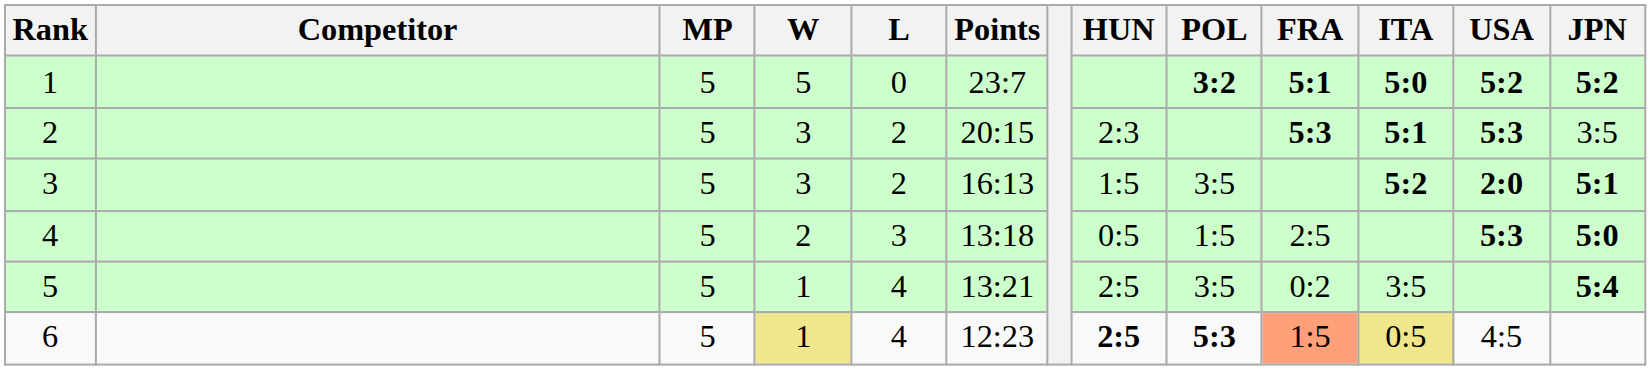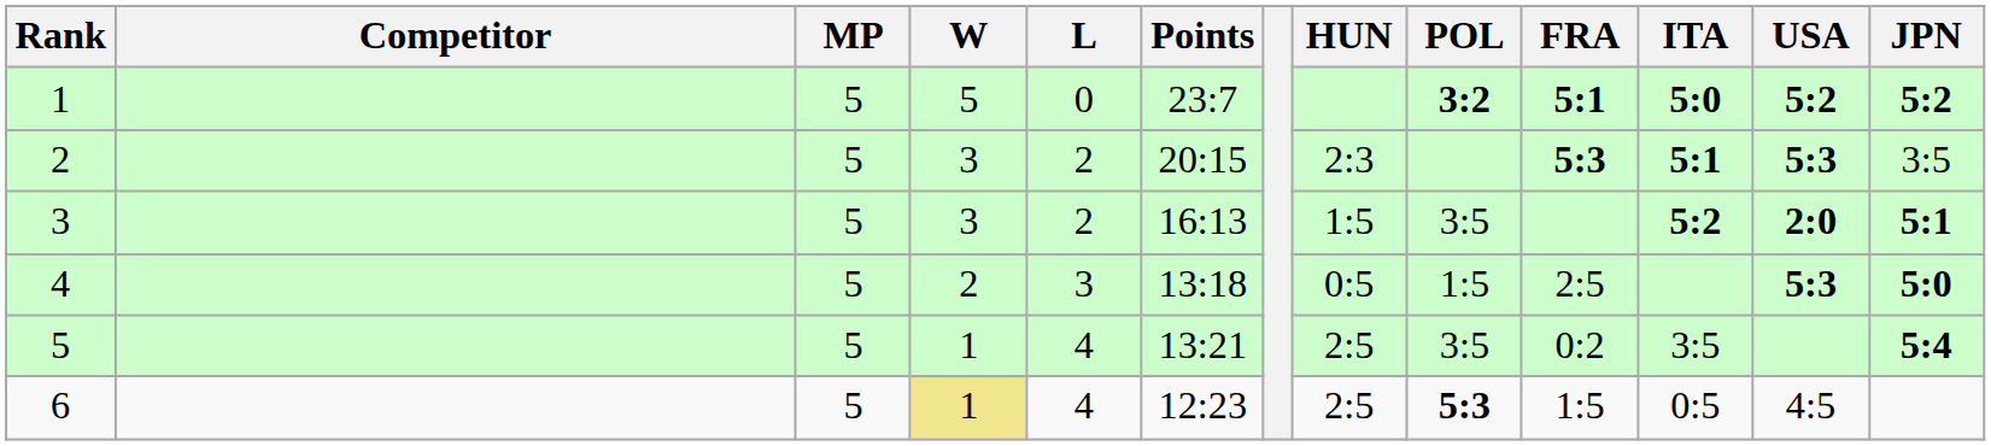 <table class="wikitable" style="text-align:center">
 <tr>
 <th>Rank</th>
 <th style="width:17em">Competitor</th>
 <th style="width:2.5em">MP</th>
 <th style="width:2.5em">W</th>
 <th style="width:2.5em">L</th>
 <th>Points</th>
 <th rowspan="7"> </th>
 <th style="width:2.5em">HUN</th>
 <th style="width:2.5em">POL</th>
 <th style="width:2.5em">FRA</th>
 <th style="width:2.5em">ITA</th>
 <th style="width:2.5em">USA</th>
 <th style="width:2.5em">JPN</th>
 </tr>
 <tr style="background:#cfc;">
 <td>1</td>
 <td style="text-align:left"></td>
 <td>5</td>
 <td>5</td>
 <td>0</td>
 <td>23:7</td>
 <td></td>
 <td><strong>3:2</strong></td>
 <td><strong>5:1</strong></td>
 <td><strong>5:0</strong></td>
 <td><strong>5:2</strong></td>
 <td><strong>5:2</strong></td>
 </tr>
 <tr style="background:#cfc;">
 <td>2</td>
 <td style="text-align:left"></td>
 <td>5</td>
 <td>3</td>
 <td>2</td>
 <td>20:15</td>
 <td>2:3</td>
 <td></td>
 <td><strong>5:3</strong></td>
 <td><strong>5:1</strong></td>
 <td><strong>5:3</strong></td>
 <td>3:5</td>
 </tr>
 <tr style="background:#cfc;">
 <td>3</td>
 <td style="text-align:left"></td>
 <td>5</td>
 <td>3</td>
 <td>2</td>
 <td>16:13</td>
 <td>1:5</td>
 <td>3:5</td>
 <td></td>
 <td><strong>5:2</strong></td>
 <td><strong>2:0</strong></td>
 <td><strong>5:1</strong></td>
 </tr>
 <tr style="background:#cfc;">
 <td>4</td>
 <td style="text-align:left"></td>
 <td>5</td>
 <td>2</td>
 <td>3</td>
 <td>13:18</td>
 <td>0:5</td>
 <td>1:5</td>
 <td>2:5</td>
 <td></td>
 <td><strong>5:3</strong></td>
 <td><strong>5:0</strong></td>
 </tr>
 <tr style="background:#cfc;">
 <td>5</td>
 <td style="text-align:left"></td>
 <td>5</td>
 <td>1</td>
 <td>4</td>
 <td>13:21</td>
 <td>2:5</td>
 <td>3:5</td>
 <td>0:2</td>
 <td>3:5</td>
 <td></td>
 <td><strong>5:4</strong></td>
 </tr>
 <tr>
 <td>6</td>
 <td style="text-align:left"></td>
 <td>5</td>
 <td style="background: khaki;">1</td>
 <td>4</td>
 <td>12:23</td>
-<td><strong>2:5</strong></td>
+<td>2:5</td>
 <td><strong>5:3</strong></td>
-<td style="background: lightsalmon;">1:5</td>
-<td style="background: khaki;">0:5</td>
+<td>1:5</td>
+<td>0:5</td>
 <td>4:5</td>
 <td></td>
 </tr>
 </table>
